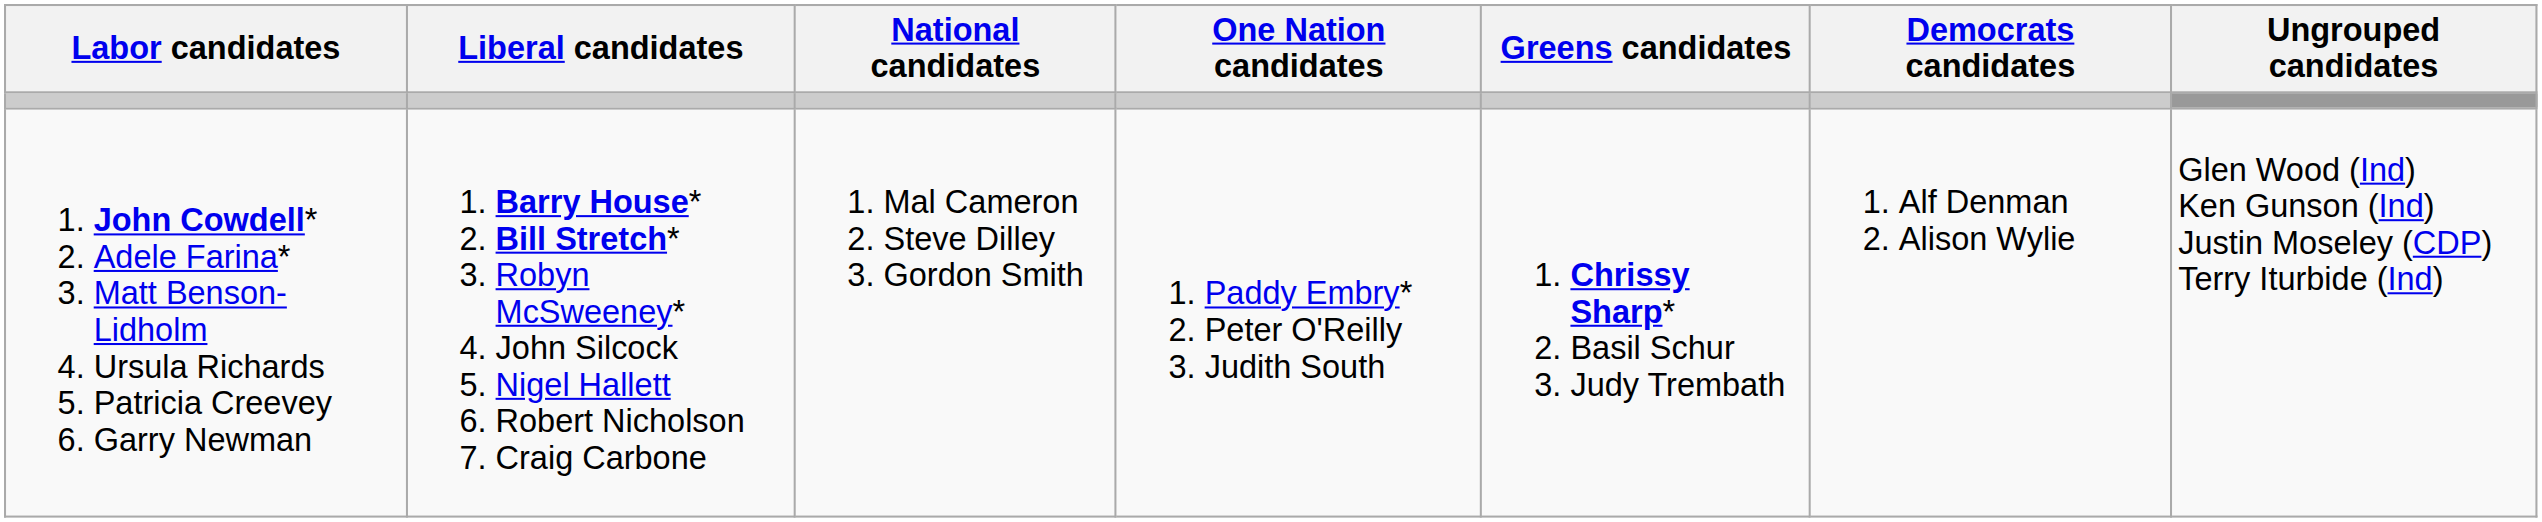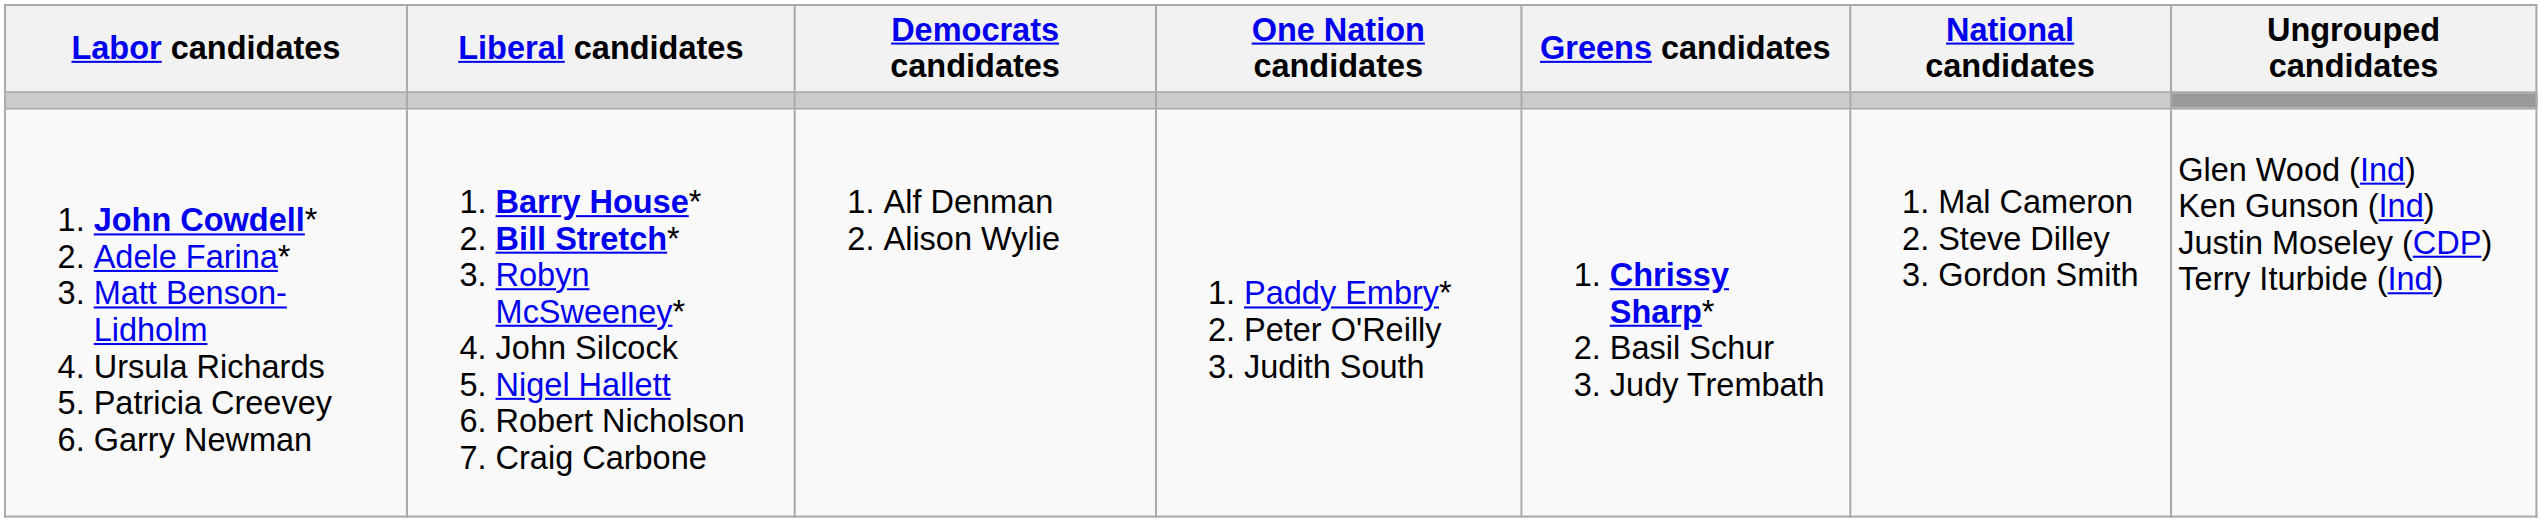 <table class="wikitable">
 <tr>
 <th><a href='#'>Labor</a> candidates</th>
 <th><a href='#'>Liberal</a> candidates</th>
-<th><a href='#'>National</a> candidates</th>
+<th><a href='#'>Democrats</a> candidates</th>
 <th><a href='#'>One Nation</a> candidates</th>
 <th><a href='#'>Greens</a> candidates</th>
-<th><a href='#'>Democrats</a> candidates</th>
+<th><a href='#'>National</a> candidates</th>
 <th>Ungrouped candidates</th>
 </tr>
 <tr bgcolor="#cccccc">
 <td></td>
 <td></td>
 <td></td>
 <td></td>
 <td></td>
 <td></td>
 <td bgcolor="#999999"></td>
 </tr>
 <tr>
 <td><br><ol><li><strong><a href='#'>John Cowdell</a></strong>*</li><li><a href='#'>Adele Farina</a>*</li><li><a href='#'>Matt Benson-Lidholm</a></li><li>Ursula Richards</li><li>Patricia Creevey</li><li>Garry Newman</li></ol></td>
 <td><br><ol><li><strong><a href='#'>Barry House</a></strong>*</li><li><strong><a href='#'>Bill Stretch</a></strong>*</li><li><a href='#'>Robyn McSweeney</a>*</li><li>John Silcock</li><li><a href='#'>Nigel Hallett</a></li><li>Robert Nicholson</li><li>Craig Carbone</li></ol></td>
-<td valign=top><br><ol><li>Mal Cameron</li><li>Steve Dilley</li><li>Gordon Smith</li></ol></td>
+<td valign=top><br><ol><li>Alf Denman</li><li>Alison Wylie</li></ol></td>
 <td><br><ol><li><a href='#'>Paddy Embry</a>*</li><li>Peter O'Reilly</li><li>Judith South</li></ol></td>
 <td><br><ol><li><strong><a href='#'>Chrissy Sharp</a></strong>*</li><li>Basil Schur</li><li>Judy Trembath</li></ol></td>
-<td valign=top><br><ol><li>Alf Denman</li><li>Alison Wylie</li></ol></td>
+<td valign=top><br><ol><li>Mal Cameron</li><li>Steve Dilley</li><li>Gordon Smith</li></ol></td>
 <td valign=top><br>Glen Wood (<a href='#'>Ind</a>)<br> Ken Gunson (<a href='#'>Ind</a>)<br> Justin Moseley (<a href='#'>CDP</a>)<br> Terry Iturbide (<a href='#'>Ind</a>)</td>
 </tr>
 </table>
